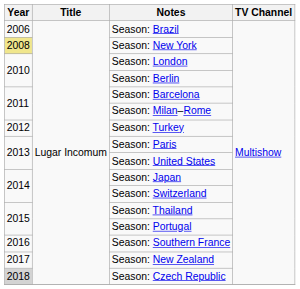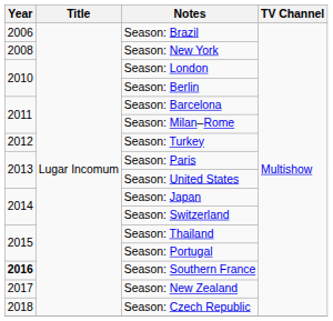 <table class="wikitable">
 <tr>
 <th>Year</th>
 <th>Title</th>
 <th>Notes</th>
 <th>TV Channel</th>
 </tr>
 <tr>
 <td>2006</td>
 <td rowspan="16">Lugar Incomum</td>
 <td>Season: <a href='#'>Brazil</a></td>
 <td rowspan="16"><a href='#'>Multishow</a></td>
 </tr>
 <tr>
-<td style="background: khaki;">2008</td>
+<td>2008</td>
 <td>Season: <a href='#'>New York</a></td>
 </tr>
 <tr>
 <td rowspan="2">2010</td>
 <td>Season: <a href='#'>London</a></td>
 </tr>
 <tr>
 <td>Season: <a href='#'>Berlin</a></td>
 </tr>
 <tr>
 <td rowspan="2">2011</td>
 <td>Season: <a href='#'>Barcelona</a></td>
 </tr>
 <tr>
 <td>Season: <a href='#'>Milan</a>–<a href='#'>Rome</a></td>
 </tr>
 <tr>
 <td>2012</td>
 <td>Season: <a href='#'>Turkey</a></td>
 </tr>
 <tr>
 <td rowspan="2">2013</td>
 <td>Season: <a href='#'>Paris</a></td>
 </tr>
 <tr>
 <td>Season: <a href='#'>United States</a></td>
 </tr>
 <tr>
 <td rowspan="2">2014</td>
 <td>Season: <a href='#'>Japan</a></td>
 </tr>
 <tr>
 <td>Season: <a href='#'>Switzerland</a></td>
 </tr>
 <tr>
 <td rowspan="2">2015</td>
 <td>Season: <a href='#'>Thailand</a></td>
 </tr>
 <tr>
 <td>Season: <a href='#'>Portugal</a></td>
 </tr>
 <tr>
-<td>2016</td>
+<td><strong>2016</strong></td>
 <td>Season: <a href='#'>Southern France</a></td>
 </tr>
 <tr>
 <td>2017</td>
 <td>Season: <a href='#'>New Zealand</a></td>
 </tr>
 <tr>
-<td style="background: lightgrey;">2018</td>
+<td>2018</td>
 <td>Season: <a href='#'>Czech Republic</a></td>
 </tr>
 <tr>
 </tr>
 </table>
